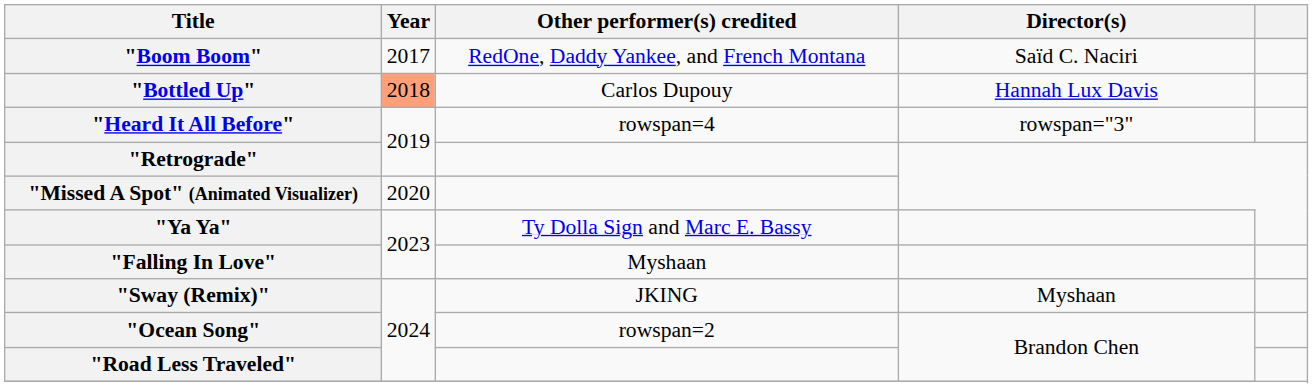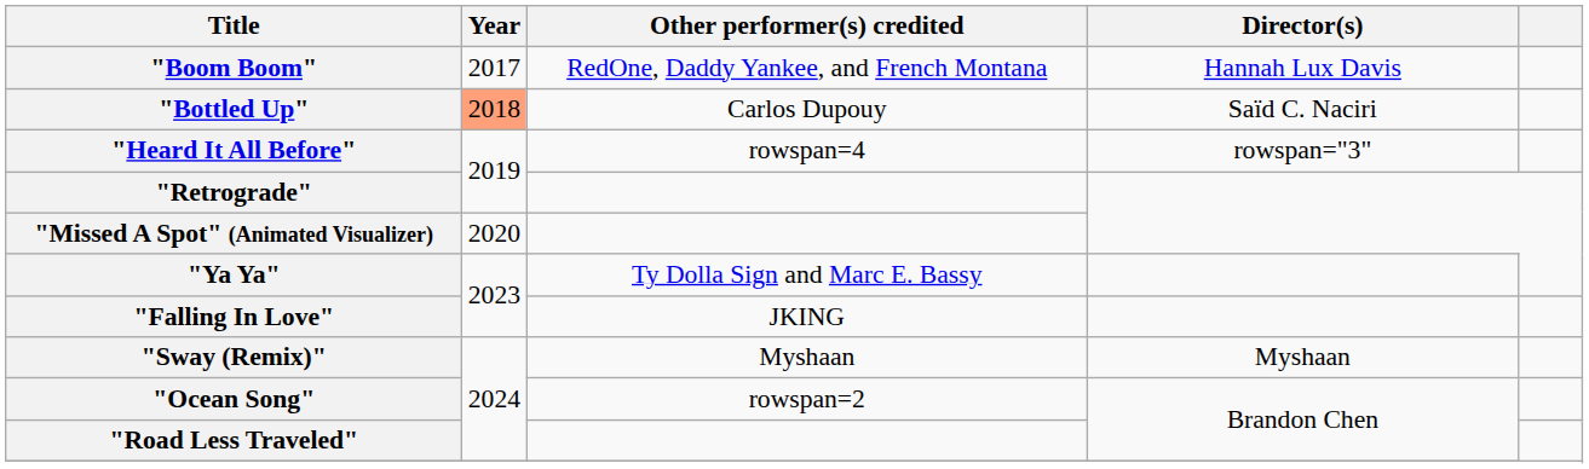 <table class="wikitable sortable plainrowheaders" style="text-align:center;">
 <tr>
 <th scope="col" style="width:17em;">Title</th>
 <th scope="col" style="width:2em;">Year</th>
 <th scope="col" style="width:21em;">Other performer(s) credited</th>
 <th scope="col" style="width:16em;">Director(s)</th>
 <th scope="col" style="width:2em;" class="unsortable"></th>
 </tr>
 <tr>
 <th scope="row">"<a href='#'>Boom Boom</a>"</th>
 <td>2017</td>
 <td><a href='#'>RedOne</a>, <a href='#'>Daddy Yankee</a>, and <a href='#'>French Montana</a></td>
-<td>Saïd C. Naciri</td>
+<td><a href='#'>Hannah Lux Davis</a></td>
 <td></td>
 </tr>
 <tr>
 <th scope="row">"<a href='#'>Bottled Up</a>"</th>
 <td style="background: lightsalmon;">2018</td>
 <td>Carlos Dupouy</td>
-<td><a href='#'>Hannah Lux Davis</a></td>
+<td>Saïd C. Naciri</td>
 <td></td>
 </tr>
 <tr>
 <th scope="row">"<a href='#'>Heard It All Before</a>"</th>
 <td rowspan="2">2019</td>
 <td>rowspan=4 </td>
 <td>rowspan="3"</td>
 <td></td>
 </tr>
 <tr>
 <th scope="row">"Retrograde"</th>
 <td></td>
 </tr>
 <tr>
 <th scope="row">"Missed A Spot" <small>(Animated Visualizer)</small></th>
 <td>2020</td>
 <td></td>
 </tr>
 <tr>
 <th scope="row">"Ya Ya"</th>
 <td rowspan="2">2023</td>
 <td><a href='#'>Ty Dolla Sign</a> and <a href='#'>Marc E. Bassy</a></td>
 <td></td>
 </tr>
 <tr>
 <th scope="row">"Falling In Love"</th>
-<td>Myshaan</td>
+<td>JKING</td>
 <td></td>
 <td></td>
 </tr>
 <tr>
 <th scope="row">"Sway (Remix)"</th>
 <td rowspan="3">2024</td>
-<td>JKING</td>
+<td>Myshaan</td>
 <td>Myshaan</td>
 <td></td>
 </tr>
 <tr>
 <th scope="row">"Ocean Song"</th>
 <td>rowspan=2 </td>
 <td rowspan="2">Brandon Chen</td>
 <td></td>
 </tr>
 <tr>
 <th scope="row">"Road Less Traveled"</th>
 <td></td>
 </tr>
 <tr>
 </tr>
 </table>
